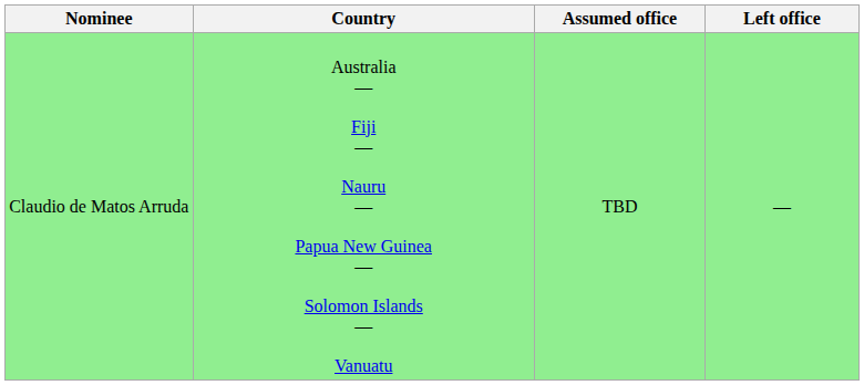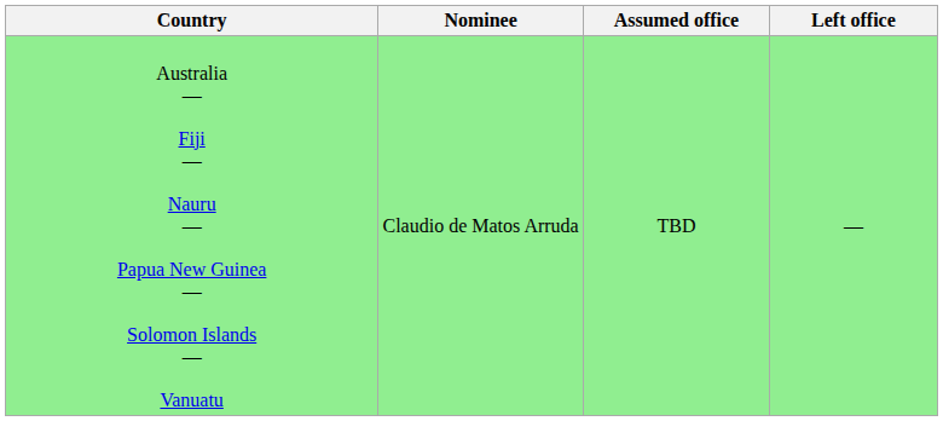 <table class="wikitable sortable" style="text-align:center">
 <tr>
+<th style="width:40%;">Country</th>
 <th style="width:22%;">Nominee</th>
-<th style="width:40%;">Country</th>
 <th style="width:20%;" data-sort-type="date">Assumed office</th>
 <th style="width:18%;" data-sort-type="date">Left office</th>
 </tr>
 <tr style="background:lightgreen">
+<td><br>Australia<br>—<br><br><a href='#'>Fiji</a><br> —<br><br><a href='#'>Nauru</a><br> —<br><br><a href='#'>Papua New Guinea</a><br> —<br><br><a href='#'>Solomon Islands</a><br> —<br><br><a href='#'>Vanuatu</a></td>
 <td>Claudio de Matos Arruda</td>
-<td><br>Australia<br>—<br><br><a href='#'>Fiji</a><br> —<br><br><a href='#'>Nauru</a><br> —<br><br><a href='#'>Papua New Guinea</a><br> —<br><br><a href='#'>Solomon Islands</a><br> —<br><br><a href='#'>Vanuatu</a></td>
 <td>TBD<br></td>
 <td>—</td>
 </tr>
 </table>
